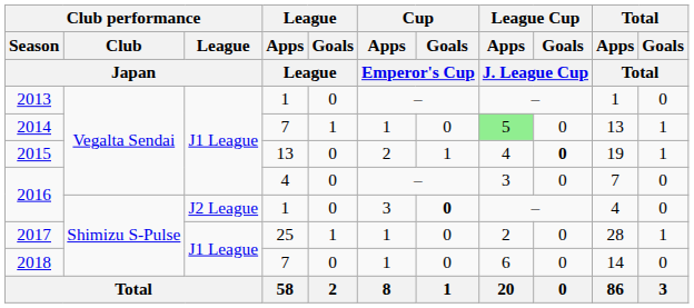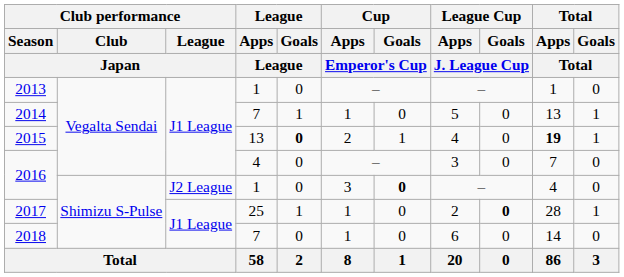 <table class="wikitable" style="text-align:center;">
 <tr>
 <th colspan=3>Club performance</th>
 <th colspan=2>League</th>
 <th colspan=2>Cup</th>
 <th colspan=2>League Cup</th>
 <th colspan=2>Total</th>
 </tr>
 <tr>
 <th>Season</th>
 <th>Club</th>
 <th>League</th>
 <th>Apps</th>
 <th>Goals</th>
 <th>Apps</th>
 <th>Goals</th>
 <th>Apps</th>
 <th>Goals</th>
 <th>Apps</th>
 <th>Goals</th>
 </tr>
 <tr>
 <th colspan=3>Japan</th>
 <th colspan=2>League</th>
 <th colspan=2><a href='#'>Emperor's Cup</a></th>
 <th colspan=2><a href='#'>J. League Cup</a></th>
 <th colspan=2>Total</th>
 </tr>
 <tr>
 <td><a href='#'>2013</a></td>
 <td rowspan="4"><a href='#'>Vegalta Sendai</a></td>
 <td rowspan="4"><a href='#'>J1 League</a></td>
 <td>1</td>
 <td>0</td>
 <td colspan="2">–</td>
 <td colspan="2">–</td>
 <td>1</td>
 <td>0</td>
 </tr>
 <tr>
 <td><a href='#'>2014</a></td>
 <td>7</td>
 <td>1</td>
 <td>1</td>
 <td>0</td>
-<td style="background: lightgreen;">5</td>
+<td>5</td>
 <td>0</td>
 <td>13</td>
 <td>1</td>
 </tr>
 <tr>
 <td><a href='#'>2015</a></td>
 <td>13</td>
-<td>0</td>
+<td><strong>0</strong></td>
 <td>2</td>
 <td>1</td>
 <td>4</td>
-<td><strong>0</strong></td>
-<td>19</td>
+<td>0</td>
+<td><strong>19</strong></td>
 <td>1</td>
 </tr>
 <tr>
 <td rowspan="2"><a href='#'>2016</a></td>
 <td>4</td>
 <td>0</td>
 <td colspan="2">–</td>
 <td>3</td>
 <td>0</td>
 <td>7</td>
 <td>0</td>
 </tr>
 <tr>
 <td rowspan="3"><a href='#'>Shimizu S-Pulse</a></td>
 <td><a href='#'>J2 League</a></td>
 <td>1</td>
 <td>0</td>
 <td>3</td>
 <td><strong>0</strong></td>
 <td colspan="2">–</td>
 <td>4</td>
 <td>0</td>
 </tr>
 <tr>
 <td><a href='#'>2017</a></td>
 <td rowspan="2"><a href='#'>J1 League</a></td>
 <td>25</td>
 <td>1</td>
 <td>1</td>
 <td>0</td>
 <td>2</td>
-<td>0</td>
+<td><strong>0</strong></td>
 <td>28</td>
 <td>1</td>
 </tr>
 <tr>
 <td><a href='#'>2018</a></td>
 <td>7</td>
 <td>0</td>
 <td>1</td>
 <td>0</td>
 <td>6</td>
 <td>0</td>
 <td>14</td>
 <td>0</td>
 </tr>
 <tr>
 <th colspan=3>Total</th>
 <th>58</th>
 <th>2</th>
 <th>8</th>
 <th>1</th>
 <th>20</th>
 <th>0</th>
 <th>86</th>
 <th>3</th>
 </tr>
 </table>
